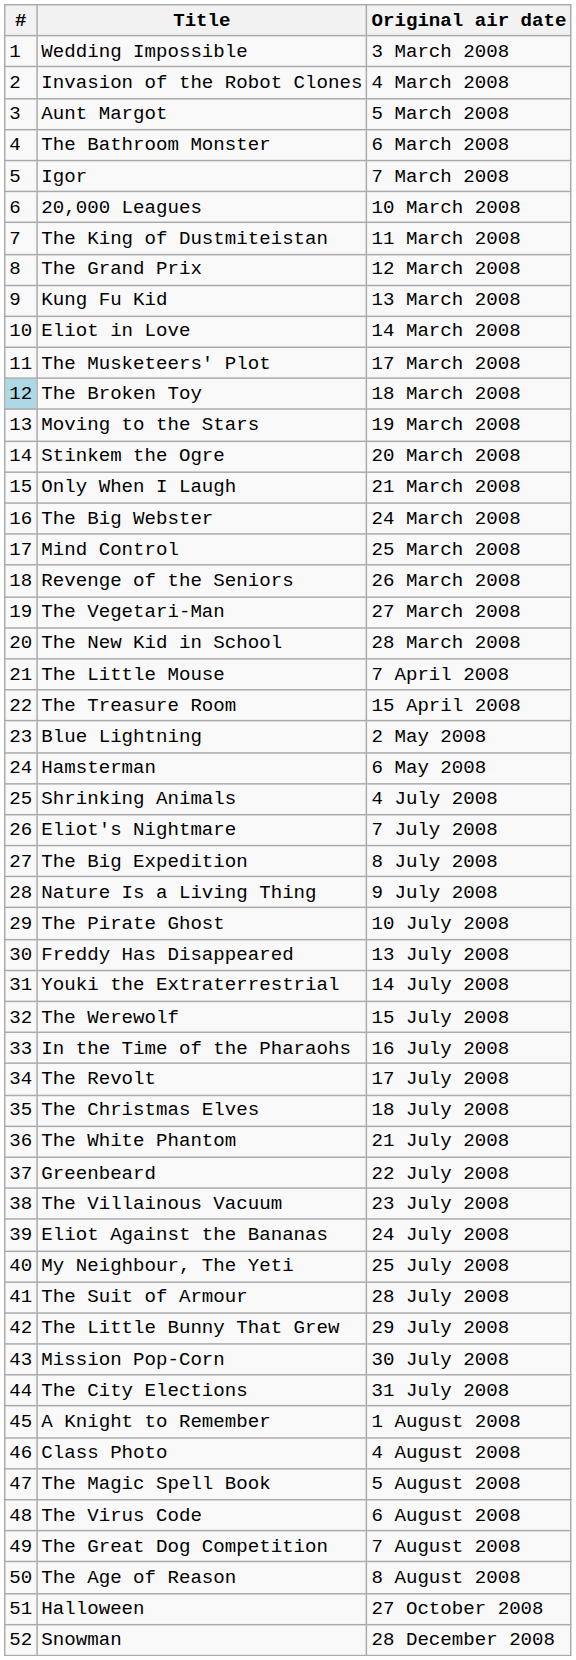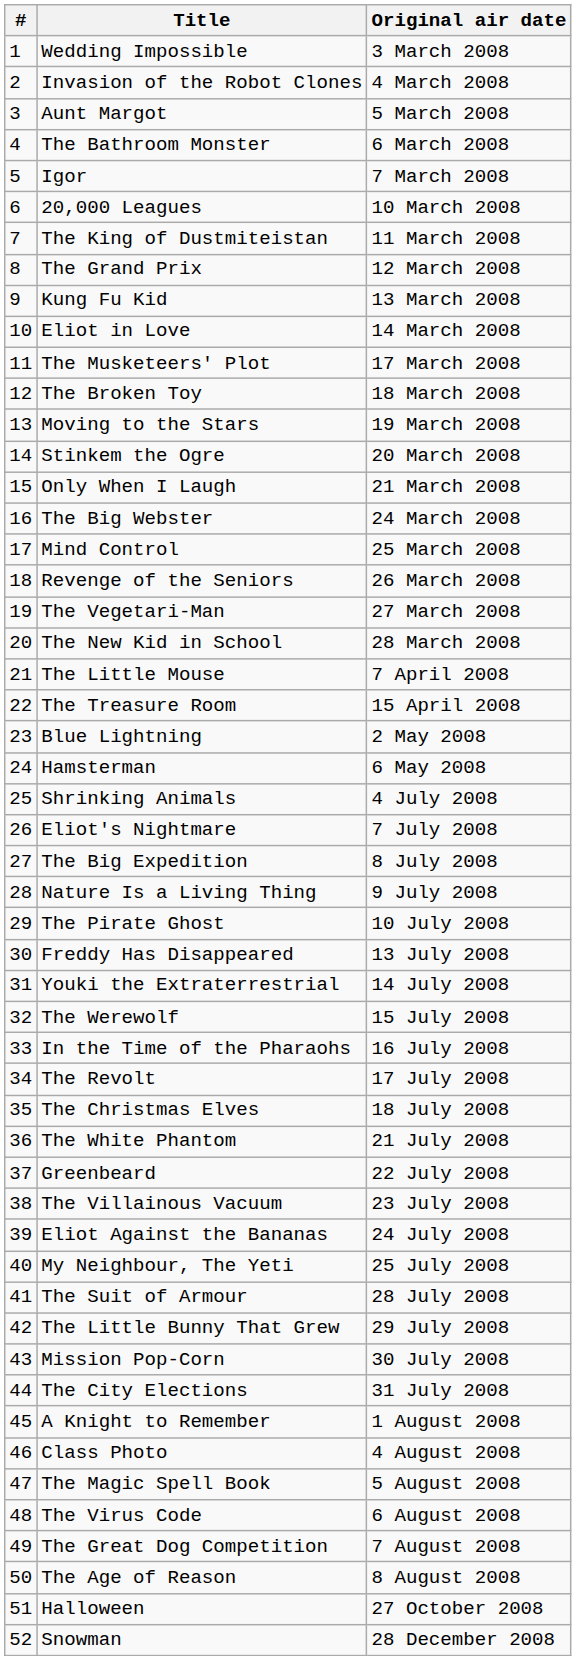 <table class="wikitable" border="1">
 <tr>
 <th>#</th>
 <th>Title</th>
 <th>Original air date</th>
 </tr>
 <tr>
 <td>1</td>
 <td>Wedding Impossible</td>
 <td>3 March 2008</td>
 </tr>
 <tr>
 <td>2</td>
 <td>Invasion of the Robot Clones</td>
 <td>4 March 2008</td>
 </tr>
 <tr>
 <td>3</td>
 <td>Aunt Margot</td>
 <td>5 March 2008</td>
 </tr>
 <tr>
 <td>4</td>
 <td>The Bathroom Monster</td>
 <td>6 March 2008</td>
 </tr>
 <tr>
 <td>5</td>
 <td>Igor</td>
 <td>7 March 2008</td>
 </tr>
 <tr>
 <td>6</td>
 <td>20,000 Leagues</td>
 <td>10 March 2008</td>
 </tr>
 <tr>
 <td>7</td>
 <td>The King of Dustmiteistan</td>
 <td>11 March 2008</td>
 </tr>
 <tr>
 <td>8</td>
 <td>The Grand Prix</td>
 <td>12 March 2008</td>
 </tr>
 <tr>
 <td>9</td>
 <td>Kung Fu Kid</td>
 <td>13 March 2008</td>
 </tr>
 <tr>
 <td>10</td>
 <td>Eliot in Love</td>
 <td>14 March 2008</td>
 </tr>
 <tr>
 <td>11</td>
 <td>The Musketeers' Plot</td>
 <td>17 March 2008</td>
 </tr>
 <tr>
-<td style="background: lightblue;">12</td>
+<td>12</td>
 <td>The Broken Toy</td>
 <td>18 March 2008</td>
 </tr>
 <tr>
 <td>13</td>
 <td>Moving to the Stars</td>
 <td>19 March 2008</td>
 </tr>
 <tr>
 <td>14</td>
 <td>Stinkem the Ogre</td>
 <td>20 March 2008</td>
 </tr>
 <tr>
 <td>15</td>
 <td>Only When I Laugh</td>
 <td>21 March 2008</td>
 </tr>
 <tr>
 <td>16</td>
 <td>The Big Webster</td>
 <td>24 March 2008</td>
 </tr>
 <tr>
 <td>17</td>
 <td>Mind Control</td>
 <td>25 March 2008</td>
 </tr>
 <tr>
 <td>18</td>
 <td>Revenge of the Seniors</td>
 <td>26 March 2008</td>
 </tr>
 <tr>
 <td>19</td>
 <td>The Vegetari-Man</td>
 <td>27 March 2008</td>
 </tr>
 <tr>
 <td>20</td>
 <td>The New Kid in School</td>
 <td>28 March 2008</td>
 </tr>
 <tr>
 <td>21</td>
 <td>The Little Mouse</td>
 <td>7 April 2008</td>
 </tr>
 <tr>
 <td>22</td>
 <td>The Treasure Room</td>
 <td>15 April 2008</td>
 </tr>
 <tr>
 <td>23</td>
 <td>Blue Lightning</td>
 <td>2 May 2008</td>
 </tr>
 <tr>
 <td>24</td>
 <td>Hamsterman</td>
 <td>6 May 2008</td>
 </tr>
 <tr>
 <td>25</td>
 <td>Shrinking Animals</td>
 <td>4 July 2008</td>
 </tr>
 <tr>
 <td>26</td>
 <td>Eliot's Nightmare</td>
 <td>7 July 2008</td>
 </tr>
 <tr>
 <td>27</td>
 <td>The Big Expedition</td>
 <td>8 July 2008</td>
 </tr>
 <tr>
 <td>28</td>
 <td>Nature Is a Living Thing</td>
 <td>9 July 2008</td>
 </tr>
 <tr>
 <td>29</td>
 <td>The Pirate Ghost</td>
 <td>10 July 2008</td>
 </tr>
 <tr>
 <td>30</td>
 <td>Freddy Has Disappeared</td>
 <td>13 July 2008</td>
 </tr>
 <tr>
 <td>31</td>
 <td>Youki the Extraterrestrial</td>
 <td>14 July 2008</td>
 </tr>
 <tr>
 <td>32</td>
 <td>The Werewolf</td>
 <td>15 July 2008</td>
 </tr>
 <tr>
 <td>33</td>
 <td>In the Time of the Pharaohs</td>
 <td>16 July 2008</td>
 </tr>
 <tr>
 <td>34</td>
 <td>The Revolt</td>
 <td>17 July 2008</td>
 </tr>
 <tr>
 <td>35</td>
 <td>The Christmas Elves</td>
 <td>18 July 2008</td>
 </tr>
 <tr>
 <td>36</td>
 <td>The White Phantom</td>
 <td>21 July 2008</td>
 </tr>
 <tr>
 <td>37</td>
 <td>Greenbeard</td>
 <td>22 July 2008</td>
 </tr>
 <tr>
 <td>38</td>
 <td>The Villainous Vacuum</td>
 <td>23 July 2008</td>
 </tr>
 <tr>
 <td>39</td>
 <td>Eliot Against the Bananas</td>
 <td>24 July 2008</td>
 </tr>
 <tr>
 <td>40</td>
 <td>My Neighbour, The Yeti</td>
 <td>25 July 2008</td>
 </tr>
 <tr>
 <td>41</td>
 <td>The Suit of Armour</td>
 <td>28 July 2008</td>
 </tr>
 <tr>
 <td>42</td>
 <td>The Little Bunny That Grew</td>
 <td>29 July 2008</td>
 </tr>
 <tr>
 <td>43</td>
 <td>Mission Pop-Corn</td>
 <td>30 July 2008</td>
 </tr>
 <tr>
 <td>44</td>
 <td>The City Elections</td>
 <td>31 July 2008</td>
 </tr>
 <tr>
 <td>45</td>
 <td>A Knight to Remember</td>
 <td>1 August 2008</td>
 </tr>
 <tr>
 <td>46</td>
 <td>Class Photo</td>
 <td>4 August 2008</td>
 </tr>
 <tr>
 <td>47</td>
 <td>The Magic Spell Book</td>
 <td>5 August 2008</td>
 </tr>
 <tr>
 <td>48</td>
 <td>The Virus Code</td>
 <td>6 August 2008</td>
 </tr>
 <tr>
 <td>49</td>
 <td>The Great Dog Competition</td>
 <td>7 August 2008</td>
 </tr>
 <tr>
 <td>50</td>
 <td>The Age of Reason</td>
 <td>8 August 2008</td>
 </tr>
 <tr>
 <td>51</td>
 <td>Halloween</td>
 <td>27 October 2008</td>
 </tr>
 <tr>
 <td>52</td>
 <td>Snowman</td>
 <td>28 December 2008</td>
 </tr>
 </table>
